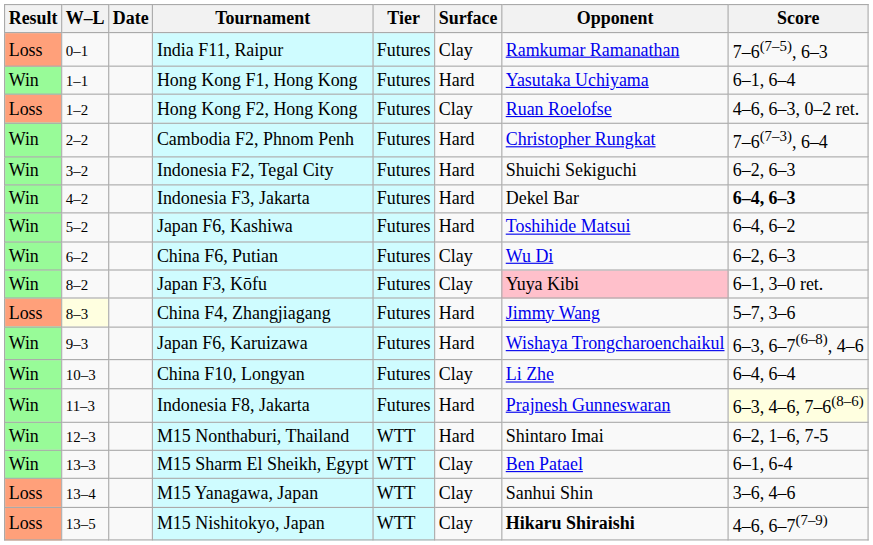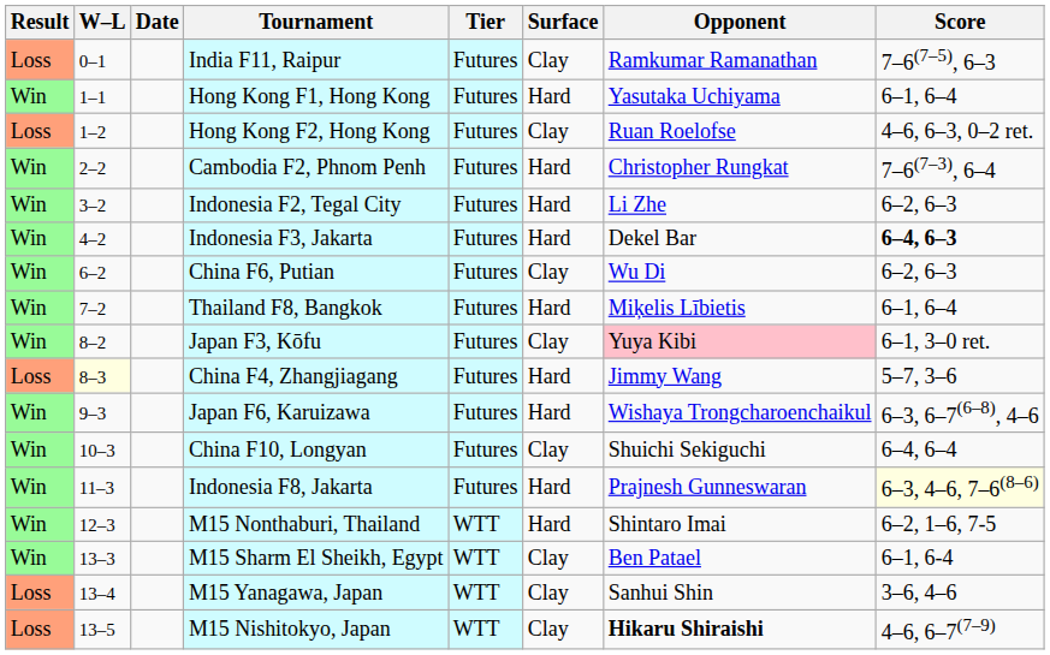 <table class="sortable wikitable">
 <tr>
 <th>Result</th>
 <th class="unsortable">W–L</th>
 <th>Date</th>
 <th>Tournament</th>
 <th>Tier</th>
 <th>Surface</th>
 <th>Opponent</th>
 <th class="unsortable">Score</th>
 </tr>
 <tr>
 <td bgcolor=FFA07A>Loss</td>
 <td><small>0–1</small></td>
 <td></td>
 <td style="background:#cffcff;">India F11, Raipur</td>
 <td style="background:#cffcff;">Futures</td>
 <td>Clay</td>
 <td> <a href='#'>Ramkumar Ramanathan</a></td>
 <td>7–6<sup>(7–5)</sup>, 6–3</td>
 </tr>
 <tr>
 <td bgcolor=98FB98>Win</td>
 <td><small>1–1</small></td>
 <td></td>
 <td style="background:#cffcff;">Hong Kong F1, Hong Kong</td>
 <td style="background:#cffcff;">Futures</td>
 <td>Hard</td>
 <td> <a href='#'>Yasutaka Uchiyama</a></td>
 <td>6–1, 6–4</td>
 </tr>
 <tr>
 <td bgcolor=FFA07A>Loss</td>
 <td><small>1–2</small></td>
 <td></td>
 <td style="background:#cffcff;">Hong Kong F2, Hong Kong</td>
 <td style="background:#cffcff;">Futures</td>
 <td>Clay</td>
 <td> <a href='#'>Ruan Roelofse</a></td>
 <td>4–6, 6–3, 0–2 ret.</td>
 </tr>
 <tr>
 <td bgcolor=98FB98>Win</td>
 <td><small>2–2</small></td>
 <td></td>
 <td style="background:#cffcff;">Cambodia F2, Phnom Penh</td>
 <td style="background:#cffcff;">Futures</td>
 <td>Hard</td>
 <td> <a href='#'>Christopher Rungkat</a></td>
 <td>7–6<sup>(7–3)</sup>, 6–4</td>
 </tr>
 <tr>
 <td bgcolor=98FB98>Win</td>
 <td><small>3–2</small></td>
 <td></td>
 <td style="background:#cffcff;">Indonesia F2, Tegal City</td>
 <td style="background:#cffcff;">Futures</td>
 <td>Hard</td>
-<td> Shuichi Sekiguchi</td>
+<td> <a href='#'>Li Zhe</a></td>
 <td>6–2, 6–3</td>
 </tr>
 <tr>
 <td bgcolor=98FB98>Win</td>
 <td><small>4–2</small></td>
 <td></td>
 <td style="background:#cffcff;">Indonesia F3, Jakarta</td>
 <td style="background:#cffcff;">Futures</td>
 <td>Hard</td>
 <td> Dekel Bar</td>
 <td><strong>6–4, 6–3</strong></td>
 </tr>
 <tr>
 <td bgcolor=98FB98>Win</td>
-<td><small>5–2</small></td>
-<td></td>
-<td style="background:#cffcff;">Japan F6, Kashiwa</td>
-<td style="background:#cffcff;">Futures</td>
-<td>Hard</td>
-<td> <a href='#'>Toshihide Matsui</a></td>
-<td>6–4, 6–2</td>
-</tr>
-<tr>
-<td bgcolor=98FB98>Win</td>
 <td><small>6–2</small></td>
 <td></td>
 <td style="background:#cffcff;">China F6, Putian</td>
 <td style="background:#cffcff;">Futures</td>
 <td>Clay</td>
 <td> <a href='#'>Wu Di</a></td>
 <td>6–2, 6–3</td>
+</tr>
+<tr>
+<td bgcolor=98FB98>Win</td>
+<td><small>7–2</small></td>
+<td></td>
+<td style="background:#cffcff;">Thailand F8, Bangkok</td>
+<td style="background:#cffcff;">Futures</td>
+<td>Hard</td>
+<td> <a href='#'>Miķelis Lībietis</a></td>
+<td>6–1, 6–4</td>
 </tr>
 <tr>
 <td bgcolor=98FB98>Win</td>
 <td><small>8–2</small></td>
 <td></td>
 <td style="background:#cffcff;">Japan F3, Kōfu</td>
 <td style="background:#cffcff;">Futures</td>
 <td>Clay</td>
 <td style="background: pink;"> Yuya Kibi</td>
 <td>6–1, 3–0 ret.</td>
 </tr>
 <tr>
 <td bgcolor=FFA07A>Loss</td>
 <td style="background: lightyellow;"><small>8–3</small></td>
 <td></td>
 <td style="background:#cffcff;">China F4, Zhangjiagang</td>
 <td style="background:#cffcff;">Futures</td>
 <td>Hard</td>
 <td> <a href='#'>Jimmy Wang</a></td>
 <td>5–7, 3–6</td>
 </tr>
 <tr>
 <td bgcolor=98FB98>Win</td>
 <td><small>9–3</small></td>
 <td></td>
 <td style="background:#cffcff;">Japan F6, Karuizawa</td>
 <td style="background:#cffcff;">Futures</td>
 <td>Hard</td>
 <td> <a href='#'>Wishaya Trongcharoenchaikul</a></td>
 <td>6–3, 6–7<sup>(6–8)</sup>, 4–6</td>
 </tr>
 <tr>
 <td bgcolor=98FB98>Win</td>
 <td><small>10–3</small></td>
 <td></td>
 <td style="background:#cffcff;">China F10, Longyan</td>
 <td style="background:#cffcff;">Futures</td>
 <td>Clay</td>
-<td> <a href='#'>Li Zhe</a></td>
+<td> Shuichi Sekiguchi</td>
 <td>6–4, 6–4</td>
 </tr>
 <tr>
 <td bgcolor=98FB98>Win</td>
 <td><small>11–3</small></td>
 <td></td>
 <td style="background:#cffcff;">Indonesia F8, Jakarta</td>
 <td style="background:#cffcff;">Futures</td>
 <td>Hard</td>
 <td> <a href='#'>Prajnesh Gunneswaran</a></td>
 <td style="background: lightyellow;">6–3, 4–6, 7–6<sup>(8–6)</sup></td>
 </tr>
 <tr>
 <td bgcolor=98FB98>Win</td>
 <td><small>12–3</small></td>
 <td></td>
 <td style="background:#cffcff">M15 Nonthaburi, Thailand</td>
 <td style="background:#cffcff;">WTT</td>
 <td>Hard</td>
 <td> Shintaro Imai</td>
 <td>6–2, 1–6, 7-5</td>
 </tr>
 <tr>
 <td bgcolor=98FB98>Win</td>
 <td><small>13–3</small></td>
 <td></td>
 <td style="background:#cffcff">M15 Sharm El Sheikh, Egypt</td>
 <td style="background:#cffcff;">WTT</td>
 <td>Clay</td>
 <td> <a href='#'>Ben Patael</a></td>
 <td>6–1, 6-4</td>
 </tr>
 <tr>
 <td bgcolor=ffa07a>Loss</td>
 <td><small>13–4</small></td>
 <td></td>
 <td style="background:#cffcff">M15 Yanagawa, Japan</td>
 <td style="background:#cffcff;">WTT</td>
 <td>Clay</td>
 <td> Sanhui Shin</td>
 <td>3–6, 4–6</td>
 </tr>
 <tr>
 <td bgcolor=ffa07a>Loss</td>
 <td><small>13–5</small></td>
 <td></td>
 <td style="background:#cffcff">M15 Nishitokyo, Japan</td>
 <td style="background:#cffcff;">WTT</td>
 <td>Clay</td>
 <td><strong> Hikaru Shiraishi</strong></td>
 <td>4–6, 6–7<sup>(7–9)</sup></td>
 </tr>
 </table>
